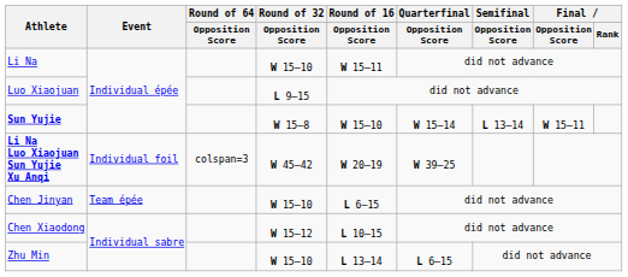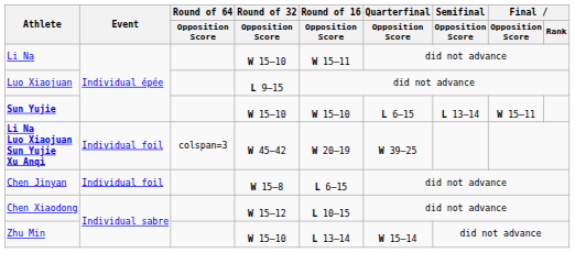 <table class="wikitable" style="font-size:90%">
 <tr>
 <th rowspan=2>Athlete</th>
 <th rowspan=2>Event</th>
 <th>Round of 64</th>
 <th>Round of 32</th>
 <th>Round of 16</th>
 <th>Quarterfinal</th>
 <th>Semifinal</th>
 <th colspan=2>Final / </th>
 </tr>
 <tr style="font-size:95%">
 <th>Opposition <br> Score</th>
 <th>Opposition <br> Score</th>
 <th>Opposition <br> Score</th>
 <th>Opposition <br> Score</th>
 <th>Opposition <br> Score</th>
 <th>Opposition <br> Score</th>
 <th>Rank</th>
 </tr>
 <tr align=center>
 <td align=left><a href='#'>Li Na</a></td>
 <td align=left rowspan=3><a href='#'>Individual épée</a></td>
 <td></td>
 <td><br><strong>W</strong> 15–10</td>
 <td><br><strong>W</strong> 15–11</td>
 <td colspan=4>did not advance</td>
 </tr>
 <tr align=center>
 <td align=left><a href='#'>Luo Xiaojuan</a></td>
 <td></td>
 <td><br><strong>L</strong> 9–15</td>
 <td colspan=5>did not advance</td>
 </tr>
 <tr align=center>
 <td align=left><strong><a href='#'>Sun Yujie</a></strong></td>
 <td></td>
-<td><br><strong>W</strong> 15–8</td>
 <td><br><strong>W</strong> 15–10</td>
-<td><br><strong>W</strong> 15–14</td>
+<td><br><strong>W</strong> 15–10</td>
+<td><br><strong>L</strong> 6–15</td>
 <td><br><strong>L</strong> 13–14</td>
 <td><br><strong>W</strong> 15–11</td>
 <td></td>
 </tr>
 <tr align=center>
 <td align=left><strong><a href='#'>Li Na</a><br><a href='#'>Luo Xiaojuan</a><br><a href='#'>Sun Yujie</a><br><a href='#'>Xu Anqi</a></strong></td>
 <td align=left><a href='#'>Individual foil</a></td>
 <td>colspan=3 </td>
 <td><br><strong>W</strong> 45–42</td>
 <td><br><strong>W</strong> 20–19</td>
 <td><br><strong>W</strong> 39–25</td>
 <td></td>
 </tr>
 <tr align=center>
 <td align=left><a href='#'>Chen Jinyan</a></td>
-<td align=left><a href='#'>Team épée</a></td>
+<td align=left><a href='#'>Individual foil</a></td>
 <td></td>
-<td><br><strong>W</strong> 15–10</td>
+<td><br><strong>W</strong> 15–8</td>
 <td><br><strong>L</strong> 6–15</td>
 <td colspan=4>did not advance</td>
 </tr>
 <tr align=center>
 <td align=left><a href='#'>Chen Xiaodong</a></td>
 <td align=left rowspan=2><a href='#'>Individual sabre</a></td>
 <td></td>
 <td><br><strong>W</strong> 15–12</td>
 <td><br><strong>L</strong> 10–15</td>
 <td colspan=4>did not advance</td>
 </tr>
 <tr align=center>
 <td align=left><a href='#'>Zhu Min</a></td>
 <td></td>
 <td><br><strong>W</strong> 15–10</td>
 <td><br><strong>L</strong> 13–14</td>
-<td><br><strong>L</strong> 6–15</td>
+<td><br><strong>W</strong> 15–14</td>
 <td colspan=3>did not advance</td>
 </tr>
 </table>
